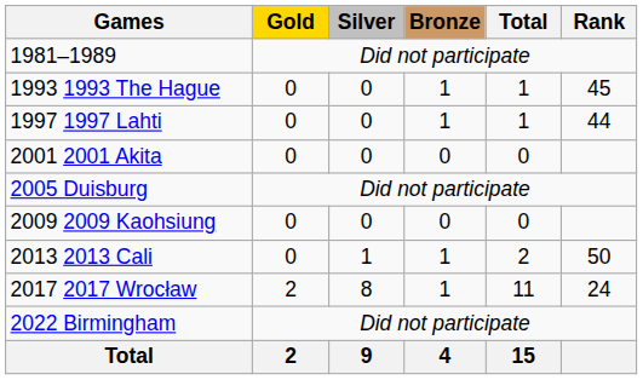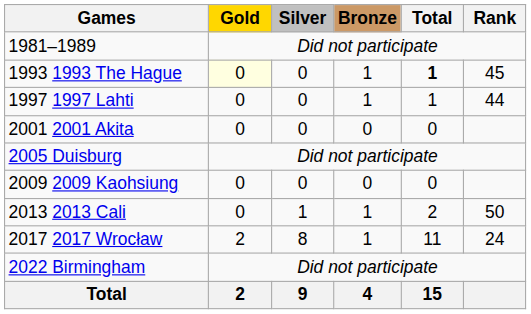 <table class="wikitable sortable" style="text-align:center;">
 <tr>
 <th width=180>Games</th>
 <th scope="col" style="background:gold; width:50px;">Gold</th>
 <th scope="col" style="background:silver; width:50px;">Silver</th>
 <th scope="col" style="background:#cc9966; width:50px;">Bronze</th>
 <th width=50>Total</th>
 <th width=50>Rank</th>
 </tr>
 <tr class="sortbottom">
 <td align=left>1981–1989</td>
 <td colspan=5><em>Did not participate</em></td>
 </tr>
 <tr>
 <td align=left><span>1993</span> <a href='#'>1993 The Hague</a></td>
-<td>0</td>
+<td style="background: lightyellow;">0</td>
 <td>0</td>
 <td>1</td>
-<td>1</td>
+<td><strong>1</strong></td>
 <td>45</td>
 </tr>
 <tr>
 <td align=left><span>1997</span> <a href='#'>1997 Lahti</a></td>
 <td>0</td>
 <td>0</td>
 <td>1</td>
 <td>1</td>
 <td>44</td>
 </tr>
 <tr>
 <td align=left><span>2001</span> <a href='#'>2001 Akita</a></td>
 <td>0</td>
 <td>0</td>
 <td>0</td>
 <td>0</td>
 <td></td>
 </tr>
 <tr class="sortbottom">
 <td align=left> <a href='#'>2005 Duisburg</a></td>
 <td colspan=5><em>Did not participate</em></td>
 </tr>
 <tr>
 <td align=left><span>2009</span> <a href='#'>2009 Kaohsiung</a></td>
 <td>0</td>
 <td>0</td>
 <td>0</td>
 <td>0</td>
 <td></td>
 </tr>
 <tr>
 <td align=left><span>2013</span> <a href='#'>2013 Cali</a></td>
 <td>0</td>
 <td>1</td>
 <td>1</td>
 <td>2</td>
 <td>50</td>
 </tr>
 <tr>
 <td align=left><span>2017</span> <a href='#'>2017 Wrocław</a></td>
 <td>2</td>
 <td>8</td>
 <td>1</td>
 <td>11</td>
 <td>24</td>
 </tr>
 <tr class="sortbottom">
 <td align=left> <a href='#'>2022 Birmingham</a></td>
 <td colspan=5><em>Did not participate</em></td>
 </tr>
 <tr class="sortbottom">
 <th>Total</th>
 <th>2</th>
 <th>9</th>
 <th>4</th>
 <th>15</th>
 <th></th>
 </tr>
 </table>
